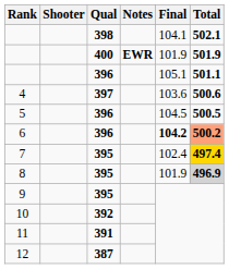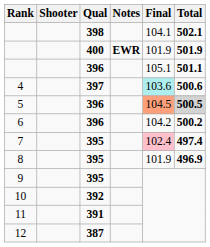 <table class="wikitable sortable" style="text-align: center">
 <tr>
 <th>Rank</th>
 <th>Shooter</th>
 <th>Qual</th>
 <th>Notes</th>
 <th>Final</th>
 <th>Total</th>
 </tr>
 <tr>
 <td></td>
 <td align=left></td>
 <td><strong>398</strong></td>
 <td></td>
 <td>104.1</td>
 <td><strong>502.1</strong></td>
 </tr>
 <tr>
 <td></td>
 <td align=left></td>
 <td><strong>400</strong></td>
 <td><strong>EWR</strong></td>
 <td>101.9</td>
 <td><strong>501.9</strong></td>
 </tr>
 <tr>
 <td></td>
 <td align=left></td>
 <td><strong>396</strong></td>
 <td></td>
 <td>105.1</td>
 <td><strong>501.1</strong></td>
 </tr>
 <tr>
 <td>4</td>
 <td align=left></td>
 <td><strong>397</strong></td>
 <td></td>
-<td>103.6</td>
+<td style="background: paleturquoise;">103.6</td>
 <td><strong>500.6</strong></td>
 </tr>
 <tr>
 <td>5</td>
 <td align=left></td>
 <td><strong>396</strong></td>
 <td></td>
-<td>104.5</td>
-<td><strong>500.5</strong></td>
+<td style="background: lightsalmon;">104.5</td>
+<td style="background: lightgrey;"><strong>500.5</strong></td>
 </tr>
 <tr>
 <td>6</td>
 <td align=left></td>
 <td><strong>396</strong></td>
 <td></td>
-<td><strong>104.2</strong></td>
-<td style="background: lightsalmon;"><strong>500.2</strong></td>
+<td>104.2</td>
+<td><strong>500.2</strong></td>
 </tr>
 <tr>
 <td>7</td>
 <td align=left></td>
 <td><strong>395</strong></td>
 <td></td>
-<td>102.4</td>
-<td style="background: gold;"><strong>497.4</strong></td>
+<td style="background: pink;">102.4</td>
+<td><strong>497.4</strong></td>
 </tr>
 <tr>
 <td>8</td>
 <td align=left></td>
 <td><strong>395</strong></td>
 <td></td>
 <td>101.9</td>
-<td style="background: lightgrey;"><strong>496.9</strong></td>
+<td><strong>496.9</strong></td>
 </tr>
 <tr>
 <td>9</td>
 <td align=left></td>
 <td><strong>395</strong></td>
 <td></td>
 </tr>
 <tr>
 <td>10</td>
 <td align=left></td>
 <td><strong>392</strong></td>
 <td></td>
 </tr>
 <tr>
 <td>11</td>
 <td align=left></td>
 <td><strong>391</strong></td>
 <td></td>
 </tr>
 <tr>
 <td>12</td>
 <td align=left></td>
 <td><strong>387</strong></td>
 <td></td>
 </tr>
 </table>
